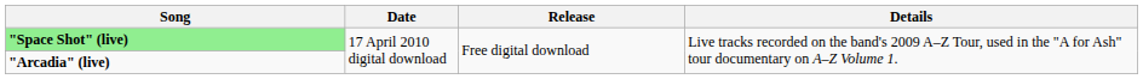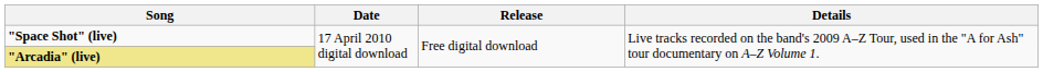 <table class="wikitable sortable">
 <tr>
 <th width=30%>Song</th>
 <th width=10%>Date</th>
 <th width=20%>Release</th>
 <th width=40%>Details</th>
 </tr>
 <tr>
-<td style="background: lightgreen;"><strong>"Space Shot" (live)</strong></td>
+<td><strong>"Space Shot" (live)</strong></td>
 <td rowspan="2">17 April 2010<br>digital download</td>
 <td rowspan="2">Free digital download</td>
 <td rowspan="2">Live tracks recorded on the band's 2009 A–Z Tour, used in the "A for Ash" tour documentary on <em>A–Z Volume 1</em>.</td>
 </tr>
 <tr>
-<td><strong>"Arcadia" (live)</strong></td>
+<td style="background: khaki;"><strong>"Arcadia" (live)</strong></td>
 </tr>
 </table>
